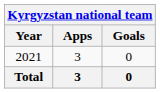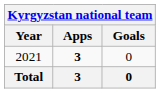 <table class="wikitable" style="text-align:center">
 <tr>
 <th colspan=3><a href='#'>Kyrgyzstan national team</a></th>
 </tr>
 <tr>
 <th>Year</th>
 <th>Apps</th>
 <th>Goals</th>
 </tr>
 <tr>
 <td>2021</td>
-<td>3</td>
+<td><strong>3</strong></td>
 <td>0</td>
 </tr>
 <tr>
 <th>Total</th>
 <th>3</th>
 <th>0</th>
 </tr>
 </table>
